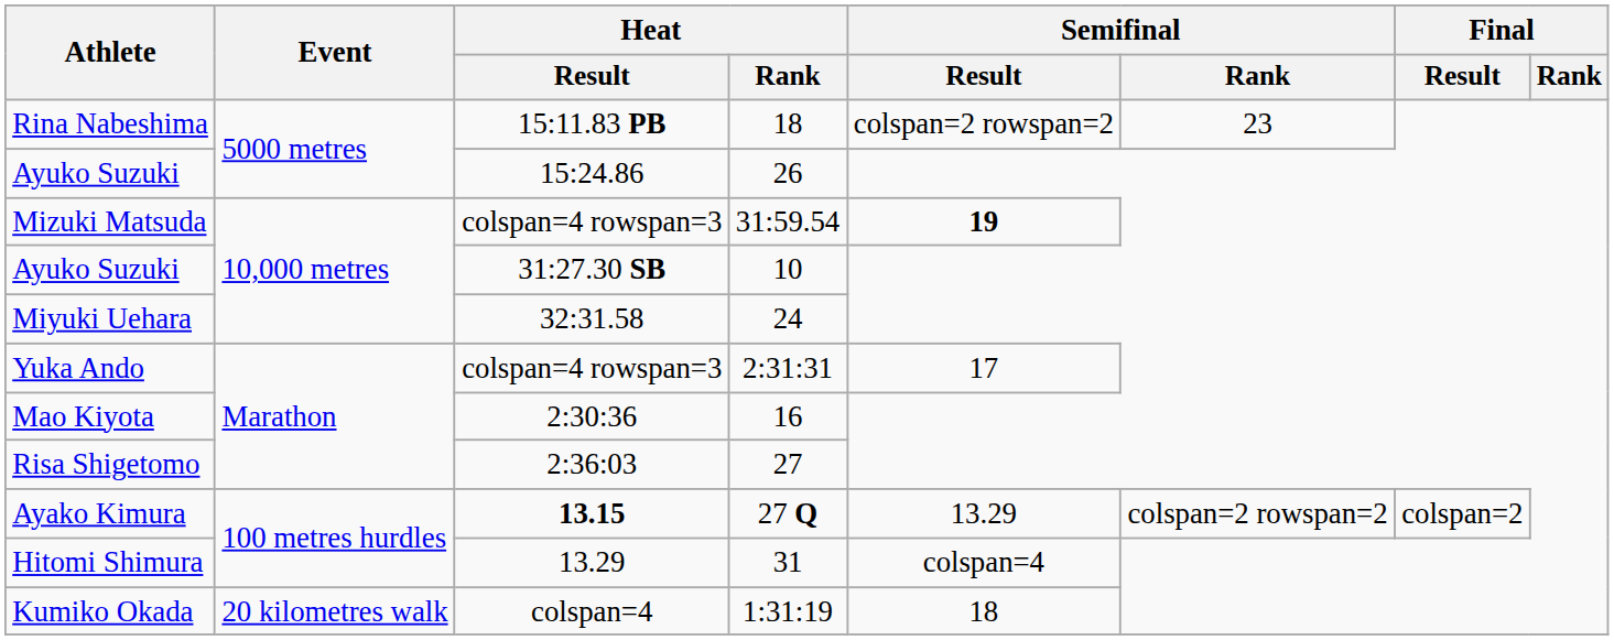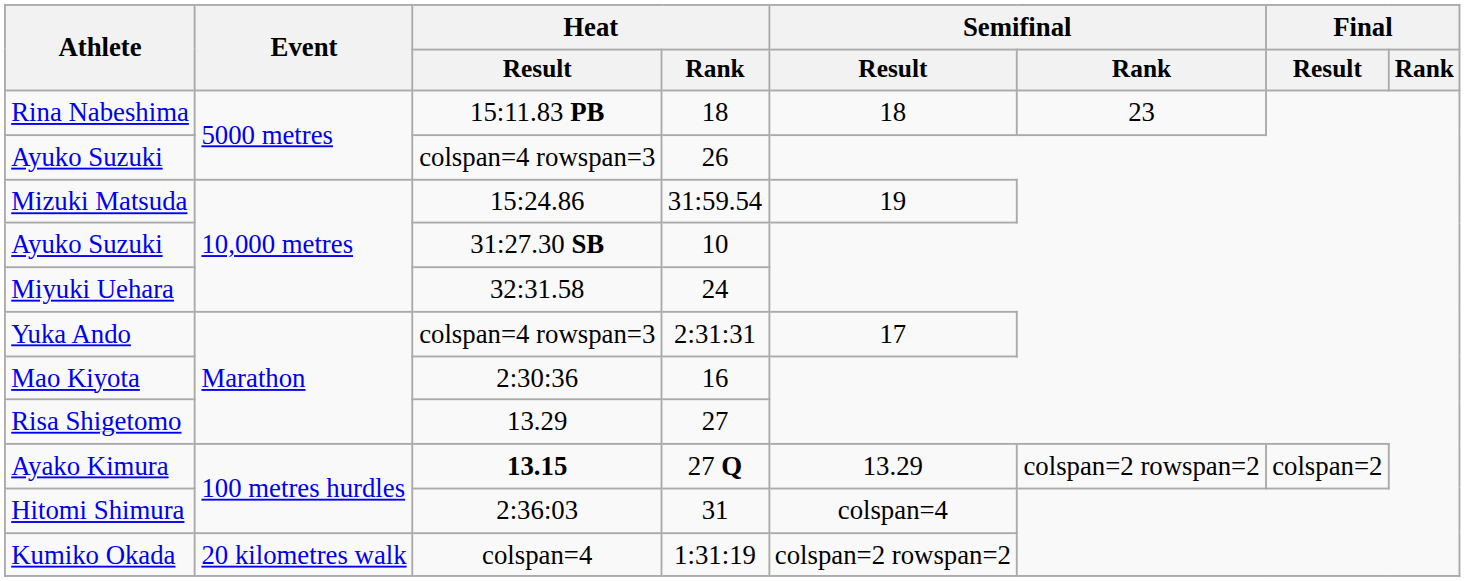 <table class="wikitable" style="font-size:90%">
 <tr>
 <th rowspan="2">Athlete</th>
 <th rowspan="2">Event</th>
 <th colspan="2">Heat</th>
 <th colspan="2">Semifinal</th>
 <th colspan="2">Final</th>
 </tr>
 <tr style="font-size:95%">
 <th>Result</th>
 <th>Rank</th>
 <th>Result</th>
 <th>Rank</th>
 <th>Result</th>
 <th>Rank</th>
 </tr>
 <tr style=text-align:center>
 <td style=text-align:left><a href='#'>Rina Nabeshima</a></td>
 <td style=text-align:left rowspan=2><a href='#'>5000 metres</a></td>
 <td>15:11.83 <strong>PB</strong></td>
 <td>18</td>
-<td>colspan=2 rowspan=2 </td>
+<td>18</td>
 <td>23</td>
 </tr>
 <tr style=text-align:center>
 <td style=text-align:left><a href='#'>Ayuko Suzuki</a></td>
-<td>15:24.86</td>
+<td>colspan=4 rowspan=3 </td>
 <td>26</td>
 </tr>
 <tr style=text-align:center>
 <td style=text-align:left><a href='#'>Mizuki Matsuda</a></td>
 <td style=text-align:left rowspan=3><a href='#'>10,000 metres</a></td>
-<td>colspan=4 rowspan=3 </td>
+<td>15:24.86</td>
 <td>31:59.54</td>
-<td><strong>19</strong></td>
+<td>19</td>
 </tr>
 <tr style=text-align:center>
 <td style=text-align:left><a href='#'>Ayuko Suzuki</a></td>
 <td>31:27.30 <strong>SB</strong></td>
 <td>10</td>
 </tr>
 <tr style=text-align:center>
 <td style=text-align:left><a href='#'>Miyuki Uehara</a></td>
 <td>32:31.58</td>
 <td>24</td>
 </tr>
 <tr style=text-align:center>
 <td style=text-align:left><a href='#'>Yuka Ando</a></td>
 <td style=text-align:left rowspan=3><a href='#'>Marathon</a></td>
 <td>colspan=4 rowspan=3 </td>
 <td>2:31:31</td>
 <td>17</td>
 </tr>
 <tr style=text-align:center>
 <td style=text-align:left><a href='#'>Mao Kiyota</a></td>
 <td>2:30:36</td>
 <td>16</td>
 </tr>
 <tr style=text-align:center>
 <td style=text-align:left><a href='#'>Risa Shigetomo</a></td>
-<td>2:36:03</td>
+<td>13.29</td>
 <td>27</td>
 </tr>
 <tr style=text-align:center>
 <td style=text-align:left><a href='#'>Ayako Kimura</a></td>
 <td style=text-align:left rowspan=2><a href='#'>100 metres hurdles</a></td>
 <td><strong>13.15</strong></td>
 <td>27 <strong>Q</strong></td>
 <td>13.29</td>
 <td>colspan=2 rowspan=2 </td>
 <td>colspan=2 </td>
 </tr>
 <tr style=text-align:center>
 <td style=text-align:left><a href='#'>Hitomi Shimura</a></td>
-<td>13.29</td>
+<td>2:36:03</td>
 <td>31</td>
 <td>colspan=4 </td>
 </tr>
 <tr style=text-align:center>
 <td style=text-align:left><a href='#'>Kumiko Okada</a></td>
 <td style=text-align:left><a href='#'>20 kilometres walk</a></td>
 <td>colspan=4 </td>
 <td>1:31:19</td>
-<td>18</td>
+<td>colspan=2 rowspan=2 </td>
 </tr>
 </table>
